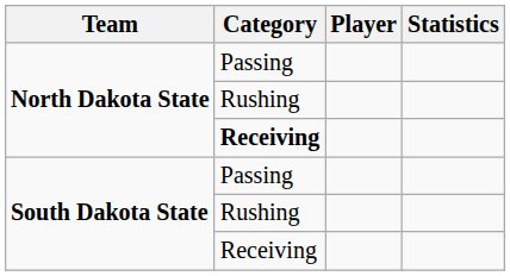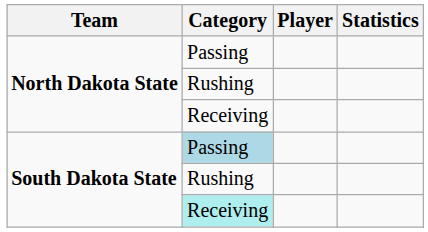 <table class="wikitable" style="float: right;">
 <tr>
 <th>Team</th>
 <th>Category</th>
 <th>Player</th>
 <th>Statistics</th>
 </tr>
 <tr>
 <td rowspan=3><strong>North Dakota State</strong></td>
 <td>Passing</td>
 <td></td>
 <td></td>
 </tr>
 <tr>
 <td>Rushing</td>
 <td></td>
 <td></td>
 </tr>
 <tr>
-<td><strong>Receiving</strong></td>
+<td>Receiving</td>
 <td></td>
 <td></td>
 </tr>
 <tr>
 <td rowspan=3><strong>South Dakota State</strong></td>
-<td>Passing</td>
+<td style="background: lightblue;">Passing</td>
 <td></td>
 <td></td>
 </tr>
 <tr>
 <td>Rushing</td>
 <td></td>
 <td></td>
 </tr>
 <tr>
-<td>Receiving</td>
+<td style="background: paleturquoise;">Receiving</td>
 <td></td>
 <td></td>
 </tr>
 </table>
